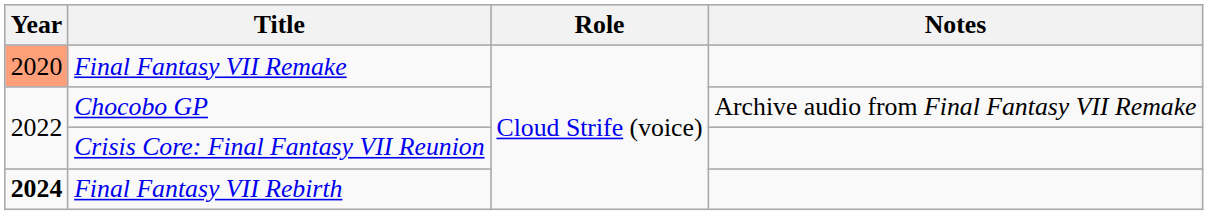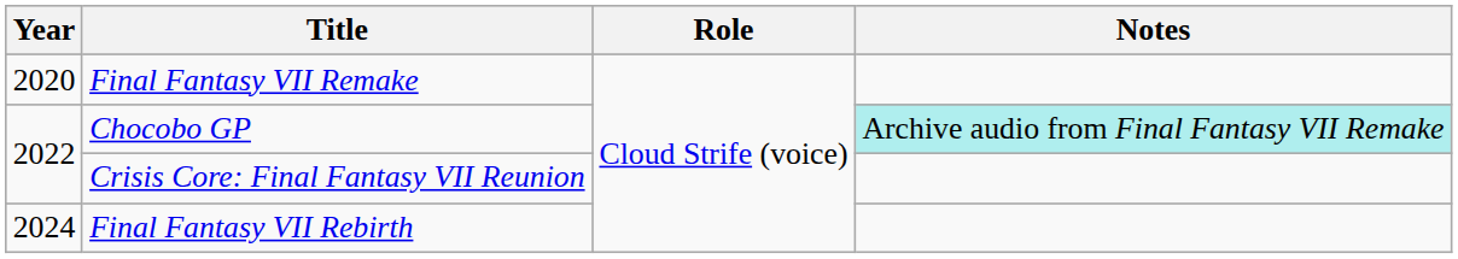 <table class="wikitable sortable">
 <tr>
 <th>Year</th>
 <th>Title</th>
 <th>Role</th>
 <th>Notes</th>
 </tr>
 <tr>
-<td style="background: lightsalmon;">2020</td>
+<td>2020</td>
 <td><em><a href='#'>Final Fantasy VII Remake</a></em></td>
 <td rowspan="4"><a href='#'>Cloud Strife</a> (voice)</td>
 <td></td>
 </tr>
 <tr>
 <td rowspan="2">2022</td>
 <td><em><a href='#'>Chocobo GP</a></em></td>
-<td>Archive audio from <em>Final Fantasy VII Remake</em></td>
+<td style="background: paleturquoise;">Archive audio from <em>Final Fantasy VII Remake</em></td>
 </tr>
 <tr>
 <td><em><a href='#'>Crisis Core: Final Fantasy VII Reunion</a></em></td>
 <td></td>
 </tr>
 <tr>
-<td><strong>2024</strong></td>
+<td>2024</td>
 <td><em><a href='#'>Final Fantasy VII Rebirth</a></em></td>
 <td></td>
 </tr>
 </table>
